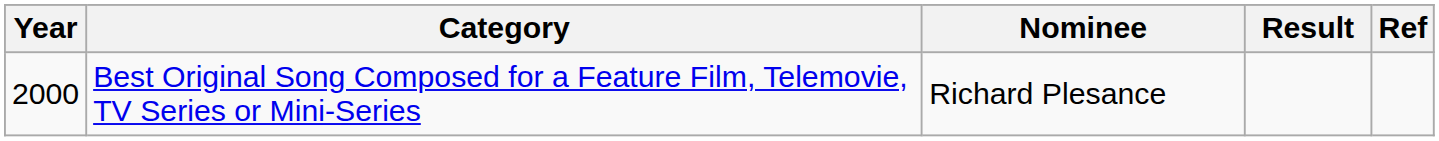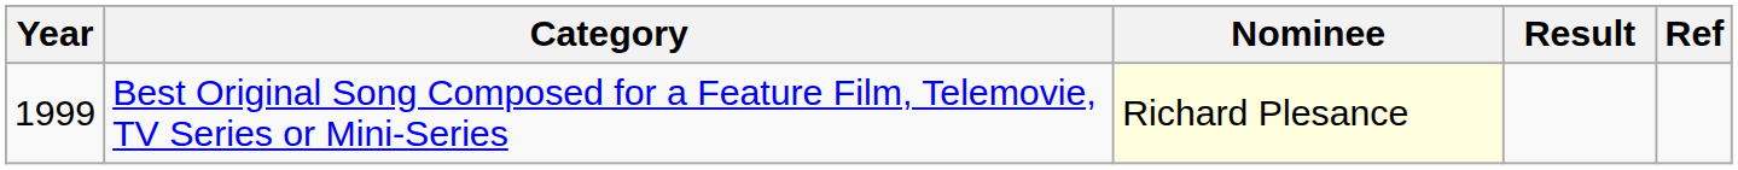 <table class="wikitable">
 <tr>
 <th>Year</th>
 <th width="435">Category</th>
 <th width="163">Nominee</th>
 <th width="60">Result</th>
 <th>Ref</th>
 </tr>
 <tr>
-<td>2000</td>
+<td>1999</td>
 <td><a href='#'>Best Original Song Composed for a Feature Film, Telemovie, TV Series or Mini-Series</a></td>
-<td>Richard Plesance</td>
+<td style="background: lightyellow;">Richard Plesance</td>
 <td></td>
 <td></td>
 </tr>
 </table>
